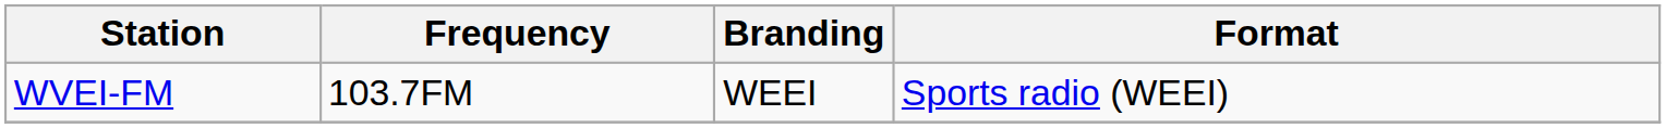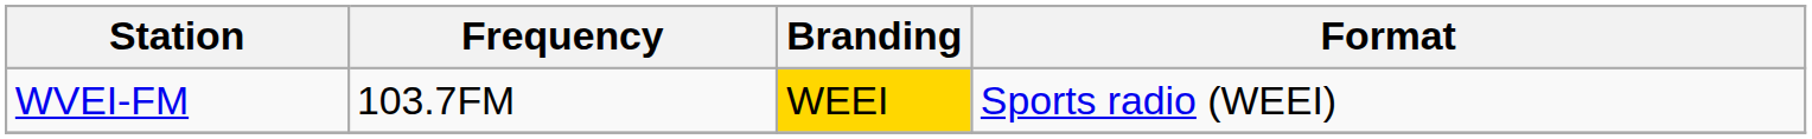 <table class="wikitable sortable" style="width:45em;">
 <tr>
 <th style="width:20%">Station</th>
 <th style="width:25%">Frequency</th>
 <th style="width:5%">Branding</th>
 <th style="width:50%">Format</th>
 </tr>
 <tr>
 <td><a href='#'>WVEI-FM</a></td>
 <td>103.7FM</td>
-<td>WEEI</td>
+<td style="background: gold;">WEEI</td>
 <td><a href='#'>Sports radio</a> (WEEI)</td>
 </tr>
 <tr>
 </tr>
 </table>
